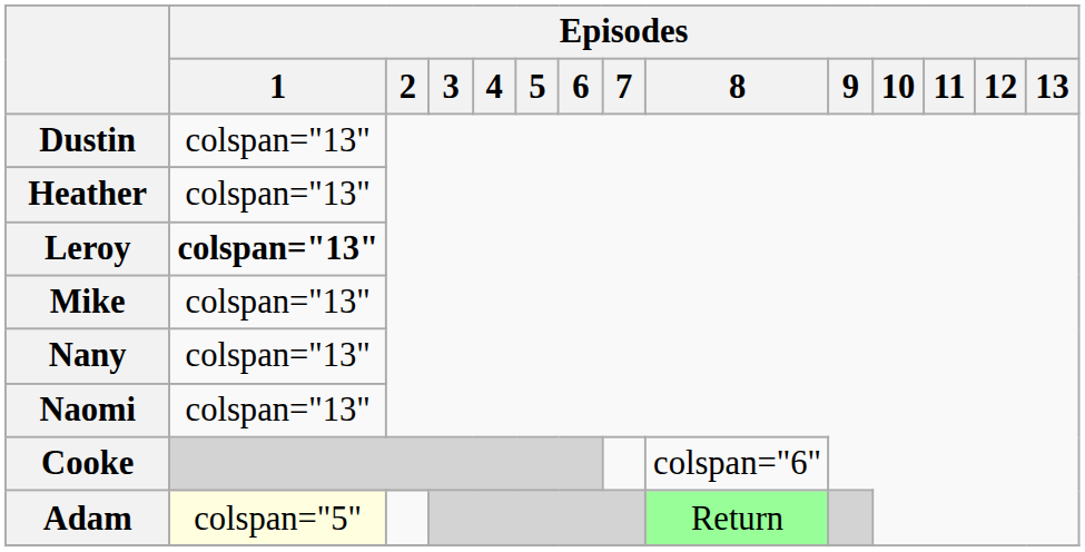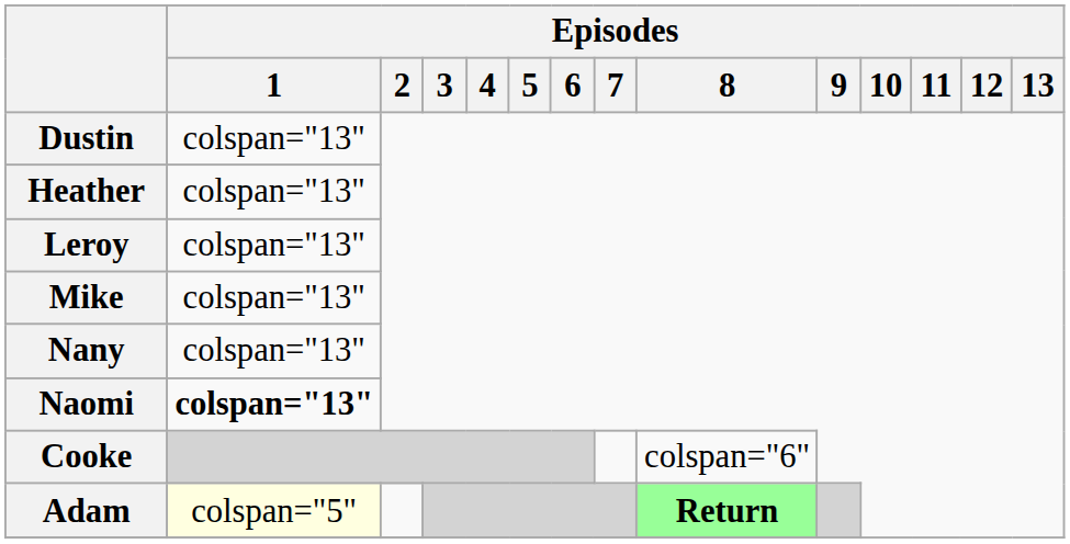 <table class="wikitable" style="text-align:center; width:40%;">
 <tr>
 <th scope="col" rowspan="2" style="width:18%;"></th>
 <th scope="colgroup" colspan="13">Episodes</th>
 </tr>
 <tr>
 <th scope="col" style="width:5%;">1</th>
 <th scope="col" style="width:5%;">2</th>
 <th scope="col" style="width:5%;">3</th>
 <th scope="col" style="width:5%;">4</th>
 <th scope="col" style="width:5%;">5</th>
 <th scope="col" style="width:5%;">6</th>
 <th scope="col" style="width:5%;">7</th>
 <th scope="col" style="width:5%;">8</th>
 <th scope="col" style="width:5%;">9</th>
 <th scope="col" style="width:5%;">10</th>
 <th scope="col" style="width:5%;">11</th>
 <th scope="col" style="width:5%;">12</th>
 <th scope="col" style="width:5%;">13</th>
 </tr>
 <tr>
 <th scope="row">Dustin</th>
 <td>colspan="13" </td>
 </tr>
 <tr>
 <th scope="row">Heather</th>
 <td>colspan="13" </td>
 </tr>
 <tr>
 <th scope="row">Leroy</th>
-<td><strong>colspan="13" </strong></td>
+<td>colspan="13" </td>
 </tr>
 <tr>
 <th scope="row">Mike</th>
 <td>colspan="13" </td>
 </tr>
 <tr>
 <th scope="row">Nany</th>
 <td>colspan="13" </td>
 </tr>
 <tr>
 <th scope="row">Naomi</th>
-<td>colspan="13" </td>
+<td><strong>colspan="13" </strong></td>
 </tr>
 <tr>
 <th scope="row">Cooke</th>
 <td colspan="6" style="background:lightgrey;"></td>
 <td></td>
 <td>colspan="6" </td>
 </tr>
 <tr>
 <th scope="row">Adam</th>
 <td style="background: lightyellow;">colspan="5" </td>
 <td></td>
 <td style="background:lightgrey;" colspan="5"></td>
-<td style="background:#98FF98;">Return</td>
+<td style="background:#98FF98;"><strong>Return</strong></td>
 <td style="background:lightgray;"></td>
 </tr>
 <tr>
 </tr>
 </table>
